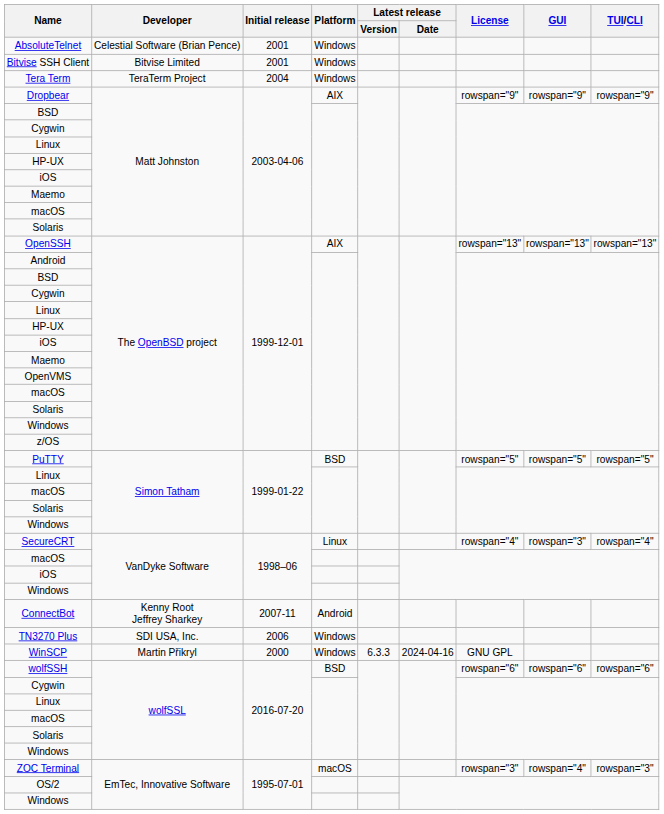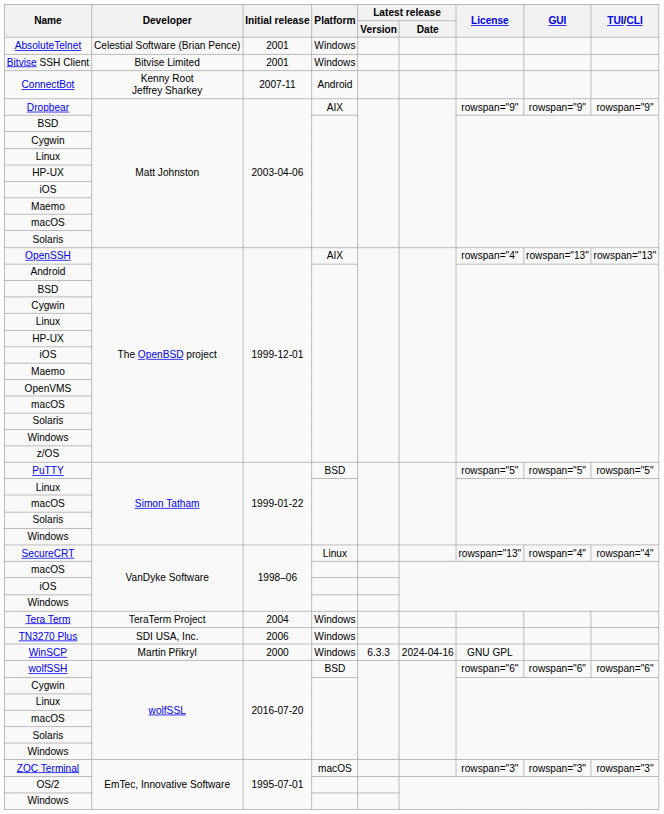 <table class="wikitable sortable" style="font-size: small; text-align: center; width: auto;">
 <tr>
 <th rowspan="2">Name</th>
 <th rowspan="2">Developer</th>
 <th rowspan="2">Initial release</th>
 <th rowspan="2">Platform</th>
 <th colspan="2">Latest release</th>
 <th rowspan="2"><a href='#'>License</a></th>
 <th rowspan="2"><a href='#'>GUI</a></th>
 <th rowspan="2"><a href='#'>TUI</a>/<a href='#'>CLI</a></th>
 </tr>
 <tr>
 <th>Version </th>
 <th>Date </th>
 </tr>
 <tr>
 <td><a href='#'>AbsoluteTelnet</a></td>
 <td>Celestial Software (Brian Pence)</td>
 <td>2001</td>
 <td>Windows</td>
 <td></td>
 <td></td>
 <td></td>
 <td></td>
 <td></td>
 </tr>
 <tr>
 <td><a href='#'>Bitvise</a> SSH Client</td>
 <td>Bitvise Limited</td>
 <td>2001</td>
 <td>Windows</td>
 <td></td>
 <td></td>
 <td></td>
 <td></td>
 <td></td>
 </tr>
 <tr>
-<td><a href='#'>Tera Term</a></td>
-<td>TeraTerm Project</td>
-<td>2004</td>
-<td>Windows</td>
+<td><a href='#'>ConnectBot</a></td>
+<td>Kenny Root<br>Jeffrey Sharkey</td>
+<td>2007-11</td>
+<td>Android</td>
 <td></td>
 <td></td>
 <td></td>
 <td></td>
 <td></td>
 </tr>
 <tr>
 <td><a href='#'>Dropbear</a></td>
 <td rowspan="9">Matt Johnston</td>
 <td rowspan="9">2003-04-06</td>
 <td>AIX</td>
 <td rowspan="9"></td>
 <td rowspan="9"></td>
 <td>rowspan="9" </td>
 <td>rowspan="9" </td>
 <td>rowspan="9" </td>
 </tr>
 <tr>
 <td>BSD</td>
 </tr>
 <tr>
 <td>Cygwin</td>
 </tr>
 <tr>
 <td>Linux</td>
 </tr>
 <tr>
 <td>HP-UX</td>
 </tr>
 <tr>
 <td>iOS</td>
 </tr>
 <tr>
 <td>Maemo</td>
 </tr>
 <tr>
 <td>macOS</td>
 </tr>
 <tr>
 <td>Solaris</td>
 </tr>
 <tr>
 <td><a href='#'>OpenSSH</a></td>
 <td rowspan="13">The <a href='#'>OpenBSD</a> project</td>
 <td rowspan="13">1999-12-01</td>
 <td>AIX</td>
 <td rowspan="13"></td>
 <td rowspan="13"></td>
-<td>rowspan="13" </td>
+<td>rowspan="4" </td>
 <td>rowspan="13" </td>
 <td>rowspan="13" </td>
 </tr>
 <tr>
 <td>Android</td>
 </tr>
 <tr>
 <td>BSD</td>
 </tr>
 <tr>
 <td>Cygwin</td>
 </tr>
 <tr>
 <td>Linux</td>
 </tr>
 <tr>
 <td>HP-UX</td>
 </tr>
 <tr>
 <td>iOS</td>
 </tr>
 <tr>
 <td>Maemo</td>
 </tr>
 <tr>
 <td>OpenVMS</td>
 </tr>
 <tr>
 <td>macOS</td>
 </tr>
 <tr>
 <td>Solaris</td>
 </tr>
 <tr>
 <td>Windows</td>
 </tr>
 <tr>
 <td>z/OS</td>
 </tr>
 <tr>
 <td><a href='#'>PuTTY</a></td>
 <td rowspan="5"><a href='#'>Simon Tatham</a></td>
 <td rowspan="5">1999-01-22</td>
 <td>BSD</td>
 <td rowspan="5"></td>
 <td rowspan="5"></td>
 <td>rowspan="5" </td>
 <td>rowspan="5" </td>
 <td>rowspan="5" </td>
 </tr>
 <tr>
 <td>Linux</td>
 </tr>
 <tr>
 <td>macOS</td>
 </tr>
 <tr>
 <td>Solaris</td>
 </tr>
 <tr>
 <td>Windows</td>
 </tr>
 <tr>
 <td><a href='#'>SecureCRT</a></td>
 <td rowspan="4">VanDyke Software</td>
 <td rowspan="4">1998–06</td>
 <td>Linux</td>
 <td></td>
 <td></td>
+<td>rowspan="13" </td>
 <td>rowspan="4" </td>
-<td>rowspan="3" </td>
 <td>rowspan="4" </td>
 </tr>
 <tr>
 <td>macOS</td>
 <td></td>
 <td></td>
 </tr>
 <tr>
 <td>iOS</td>
 <td></td>
 <td></td>
 </tr>
 <tr>
 <td>Windows</td>
 <td></td>
 <td></td>
 </tr>
 <tr>
-<td><a href='#'>ConnectBot</a></td>
-<td>Kenny Root<br>Jeffrey Sharkey</td>
-<td>2007-11</td>
-<td>Android</td>
+<td><a href='#'>Tera Term</a></td>
+<td>TeraTerm Project</td>
+<td>2004</td>
+<td>Windows</td>
 <td></td>
 <td></td>
 <td></td>
 <td></td>
 <td></td>
 </tr>
 <tr>
 <td><a href='#'>TN3270 Plus</a></td>
 <td>SDI USA, Inc.</td>
 <td>2006</td>
 <td>Windows</td>
 <td></td>
 <td></td>
 <td></td>
 <td></td>
 <td></td>
 </tr>
 <tr>
 <td><a href='#'>WinSCP</a></td>
 <td>Martin Přikryl</td>
 <td>2000</td>
 <td>Windows</td>
 <td>6.3.3</td>
 <td>2024-04-16</td>
 <td>GNU GPL</td>
 <td></td>
 <td></td>
 </tr>
 <tr>
 <td><a href='#'>wolfSSH</a></td>
 <td rowspan="6"><a href='#'>wolfSSL</a></td>
 <td rowspan="6">2016-07-20</td>
 <td>BSD</td>
 <td rowspan="6"></td>
 <td rowspan="6"></td>
 <td>rowspan="6" </td>
 <td>rowspan="6" </td>
 <td>rowspan="6" </td>
 </tr>
 <tr>
 <td>Cygwin</td>
 </tr>
 <tr>
 <td>Linux</td>
 </tr>
 <tr>
 <td>macOS</td>
 </tr>
 <tr>
 <td>Solaris</td>
 </tr>
 <tr>
 <td>Windows</td>
 </tr>
 <tr>
 <td><a href='#'>ZOC Terminal</a></td>
 <td rowspan="3">EmTec, Innovative Software</td>
 <td rowspan="3">1995-07-01</td>
 <td>macOS</td>
 <td></td>
 <td></td>
 <td>rowspan="3" </td>
-<td>rowspan="4" </td>
+<td>rowspan="3" </td>
 <td>rowspan="3" </td>
 </tr>
 <tr>
 <td>OS/2</td>
 <td></td>
 <td></td>
 </tr>
 <tr>
 <td>Windows</td>
 <td></td>
 <td></td>
 </tr>
 </table>
